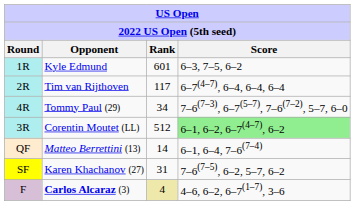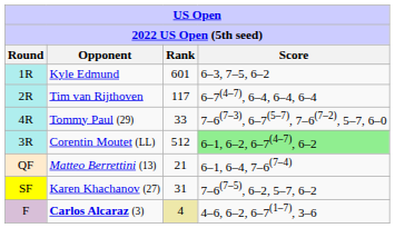 <table class="wikitable nowrap" style="display:inline-table;">
 <tr>
 <th colspan=4 style="background:#ccf;"><a href='#'>US Open</a></th>
 </tr>
 <tr>
 <th colspan=4 style="background:#ccf;"><a href='#'>2022 US Open</a> (5th seed)</th>
 </tr>
 <tr>
 <th>Round</th>
 <th>Opponent</th>
 <th>Rank</th>
 <th>Score</th>
 </tr>
 <tr>
 <td style="text-align:center; background:#afeeee;">1R</td>
 <td> <a href='#'>Kyle Edmund</a></td>
 <td style="text-align:center">601</td>
 <td>6–3, 7–5, 6–2</td>
 </tr>
 <tr>
 <td style="text-align:center; background:#afeeee;">2R</td>
 <td> <a href='#'>Tim van Rijthoven</a></td>
 <td style="text-align:center">117</td>
 <td>6–7<sup>(4–7)</sup>, 6–4, 6–4, 6–4</td>
 </tr>
 <tr>
 <td style="background:#afeeee;text-align:center">4R</td>
 <td> <a href='#'>Tommy Paul</a> <small>(29)</small></td>
-<td style="text-align:center;">34</td>
+<td style="text-align:center;">33</td>
 <td>7–6<sup>(7–3)</sup>, 6–7<sup>(5–7)</sup>, 7–6<sup>(7–2)</sup>, 5–7, 6–0</td>
 </tr>
 <tr>
 <td style="text-align:center; background:#afeeee;">3R</td>
 <td> <a href='#'>Corentin Moutet</a> <small>(LL)</small></td>
 <td style="text-align:center;">512</td>
 <td style="background: lightgreen;">6–1, 6–2, 6–7<sup>(4–7)</sup>, 6–2</td>
 </tr>
 <tr>
 <td style="background:#ffebcd;text-align:center">QF</td>
 <td> <em><a href='#'>Matteo Berrettini</a></em> <small>(13)</small></td>
-<td style="text-align:center;">14</td>
+<td style="text-align:center;">21</td>
 <td>6–1, 6–4, 7–6<sup>(7–4)</sup></td>
 </tr>
 <tr>
 <td bgcolor=yellow align=center>SF</td>
 <td> <a href='#'>Karen Khachanov</a> <small>(27)</small></td>
 <td style="text-align:center;">31</td>
 <td>7–6<sup>(7–5)</sup>, 6–2, 5–7, 6–2</td>
 </tr>
 <tr>
 <td bgcolor=thistle align=center>F</td>
 <td> <strong><a href='#'>Carlos Alcaraz</a></strong> <small>(3)</small></td>
 <td align=center bgcolor=EEE8AA>4</td>
 <td>4–6, 6–2, 6–7<sup>(1–7)</sup>, 3–6</td>
 </tr>
 </table>
